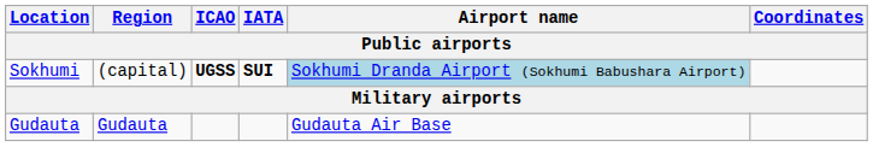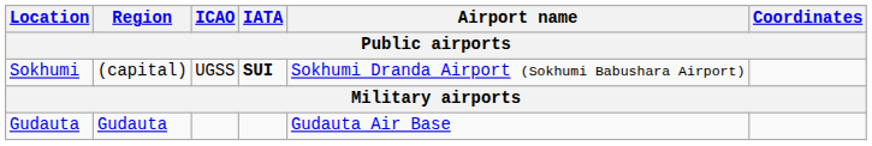 <table class="wikitable sortable" style="font-size:95%;">
 <tr>
 <th><a href='#'>Location</a></th>
 <th><a href='#'>Region</a></th>
 <th><a href='#'>ICAO</a></th>
 <th><a href='#'>IATA</a></th>
 <th>Airport name</th>
 <th><a href='#'>Coordinates</a></th>
 </tr>
 <tr>
 <th colspan=6>Public airports</th>
 </tr>
 <tr>
 <td><a href='#'>Sokhumi</a></td>
 <td>(capital)</td>
-<td><strong>UGSS</strong></td>
+<td>UGSS</td>
 <td><strong>SUI</strong></td>
-<td style="background: lightblue;"><a href='#'>Sokhumi Dranda Airport</a> <small>(Sokhumi Babushara Airport)</small></td>
+<td><a href='#'>Sokhumi Dranda Airport</a> <small>(Sokhumi Babushara Airport)</small></td>
 <td></td>
 </tr>
 <tr>
 <th colspan=6>Military airports</th>
 </tr>
 <tr>
 <td><a href='#'>Gudauta</a></td>
 <td><a href='#'>Gudauta</a></td>
 <td></td>
 <td></td>
 <td><a href='#'>Gudauta Air Base</a></td>
 <td></td>
 </tr>
 </table>
